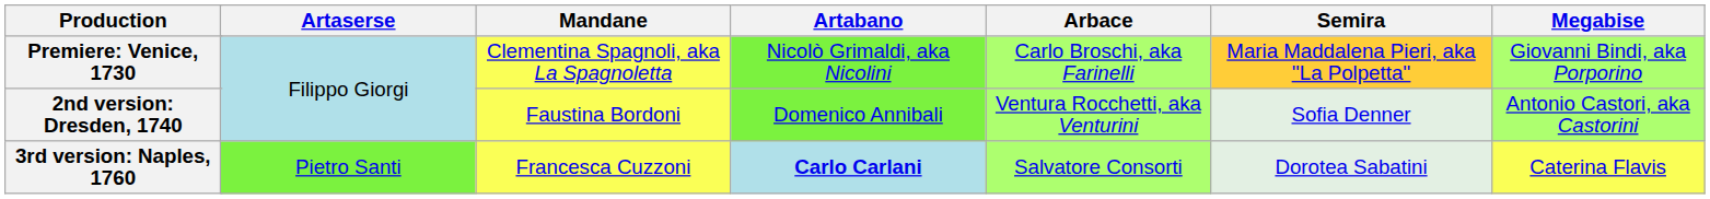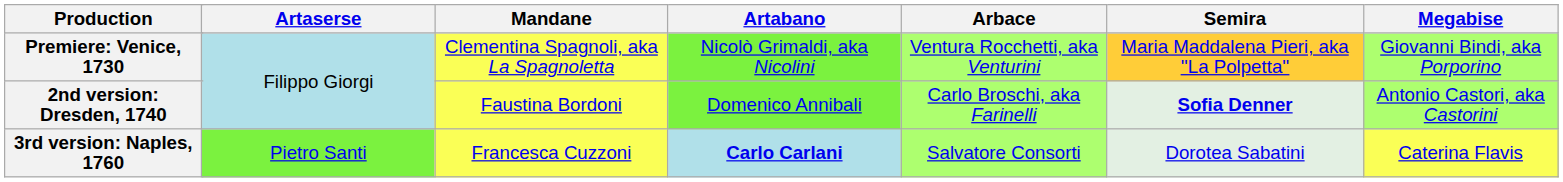 <table class="wikitable" style="text-align:center; font-size:95%; line-height:16px; width:100%">
 <tr>
 <th colspan=2 scope="col" style "width:8%">Production</th>
 <th scope="col" style="width:15%"><a href='#'>Artaserse</a></th>
 <th scope="col" style="width:15%">Mandane</th>
 <th scope="col" style="width:15%"><a href='#'>Artabano</a></th>
 <th scope="col" style "width:15%">Arbace</th>
 <th scope="col" style "width:15%">Semira</th>
 <th scope="col" style "width:15%"><a href='#'>Megabise</a></th>
 </tr>
 <tr>
 <th colspan=2 scope="row">Premiere: Venice,  1730</th>
 <td rowspan="2" style="background-color: #B0E0E9;">Filippo Giorgi</td>
 <td style="background-color: #FAFF56;"><a href='#'>Clementina Spagnoli, aka <em>La Spagnoletta</em></a></td>
 <td style="background-color: #7BF23F;"><a href='#'>Nicolò Grimaldi, aka <em>Nicolini</em></a></td>
-<td style="background-color: #ADFF6F;"><a href='#'>Carlo Broschi, aka <em>Farinelli</em></a></td>
+<td style="background-color: #ADFF6F;"><a href='#'>Ventura Rocchetti, aka <em>Venturini</em></a></td>
 <td style="background-color: #FFCD38;"><a href='#'>Maria Maddalena Pieri, aka ''La Polpetta''</a></td>
 <td style="background-color: #ADFF6F;"><a href='#'>Giovanni Bindi, aka <em>Porporino</em></a></td>
 </tr>
 <tr>
 <th colspan="2" scope="row">2nd version: Dresden, 1740</th>
 <td style="background-color: #FAFF56;"><a href='#'>Faustina Bordoni</a></td>
 <td style="background-color: #7BF23F;"><a href='#'>Domenico Annibali</a></td>
-<td style="background-color: #ADFF6F;"><a href='#'>Ventura Rocchetti, aka <em>Venturini</em></a></td>
-<td style="background-color: #E3F0E3;"><a href='#'>Sofia Denner</a></td>
+<td style="background-color: #ADFF6F;"><a href='#'>Carlo Broschi, aka <em>Farinelli</em></a></td>
+<td style="background-color: #E3F0E3;"><strong><a href='#'>Sofia Denner</a></strong></td>
 <td style="background-color: #ADFF6F;"><a href='#'>Antonio Castori, aka <em>Castorini</em></a></td>
 </tr>
 <tr>
 <th colspan=2 scope="row">3rd version: Naples, 1760</th>
 <td style="background-color: #7BF23F;"><a href='#'>Pietro Santi</a></td>
 <td style="background-color: #FAFF56;"><a href='#'>Francesca Cuzzoni</a></td>
 <td style="background-color: #B0E0E9;"><strong><a href='#'>Carlo Carlani</a></strong></td>
 <td style="background-color: #ADFF6F;"><a href='#'>Salvatore Consorti</a></td>
 <td style="background-color: #E3F0E3;"><a href='#'>Dorotea Sabatini</a></td>
 <td style="background-color: #FAFF56;"><a href='#'>Caterina Flavis</a></td>
 </tr>
 </table>
